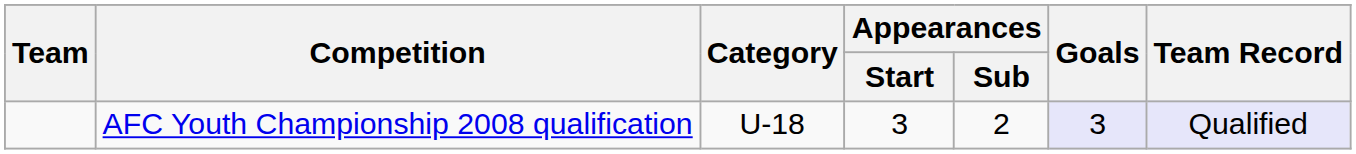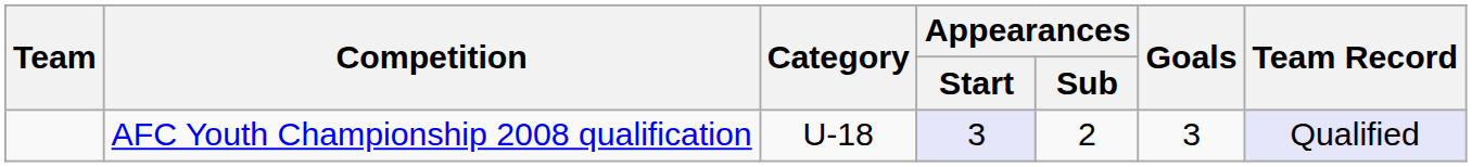 <table class="wikitable" style="text-align: center;">
 <tr>
 <th rowspan="2">Team</th>
 <th rowspan="2">Competition</th>
 <th rowspan="2">Category</th>
 <th colspan="2">Appearances</th>
 <th rowspan="2">Goals</th>
 <th rowspan="2">Team Record</th>
 </tr>
 <tr>
 <th>Start</th>
 <th>Sub</th>
 </tr>
 <tr>
 <td align="left"></td>
 <td><a href='#'>AFC Youth Championship 2008 qualification</a></td>
 <td>U-18</td>
+<td style="background: lavender;">3</td>
+<td>2</td>
 <td>3</td>
-<td>2</td>
-<td style="background: lavender;">3</td>
 <td style="background: lavender;">Qualified</td>
 </tr>
 </table>
